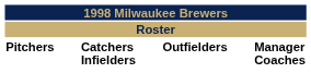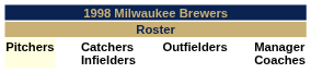 <table class="toccolours" style="font-size: 95%;">
 <tr>
 <th colspan="10" style="background-color: #0a2351; color:#c9b074;  text-align: center;">1998 Milwaukee Brewers</th>
 </tr>
 <tr>
 <td colspan="10" style="background-color: #c9b074; color: #0a2351; text-align: center;"><strong>Roster</strong></td>
 </tr>
 <tr>
-<td valign="top"><strong>Pitchers</strong><br>                      </td>
+<td valign="top" style="background: lightyellow;"><strong>Pitchers</strong><br>                      </td>
 <td width="25px"></td>
 <td valign="top"><strong>Catchers</strong><br>     <strong>Infielders</strong>        </td>
 <td width="25px"></td>
 <td valign="top"><strong>Outfielders</strong><br>      </td>
 <td width="25px"></td>
 <td valign="top"><strong>Manager</strong><br> <strong>Coaches</strong>       </td>
 </tr>
 <tr>
 </tr>
 </table>
